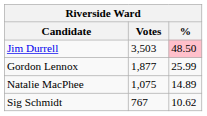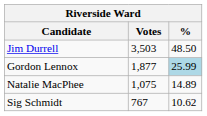 <table class="wikitable">
 <tr>
 <th colspan="3">Riverside Ward</th>
 </tr>
 <tr>
 <th style="width: 170px">Candidate</th>
 <th style="width: 50px">Votes</th>
 <th style="width: 40px">%</th>
 </tr>
 <tr>
 <td><a href='#'>Jim Durrell</a></td>
 <td>3,503</td>
-<td style="background: pink;">48.50</td>
+<td>48.50</td>
 </tr>
 <tr>
 <td>Gordon Lennox</td>
 <td>1,877</td>
-<td>25.99</td>
+<td style="background: lightblue;">25.99</td>
 </tr>
 <tr>
 <td>Natalie MacPhee</td>
 <td>1,075</td>
 <td>14.89</td>
 </tr>
 <tr>
 <td>Sig Schmidt</td>
 <td>767</td>
 <td>10.62</td>
 </tr>
 </table>
